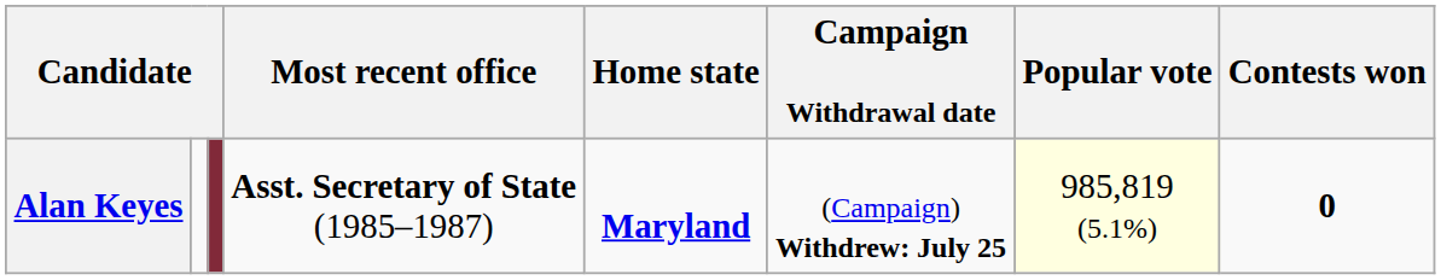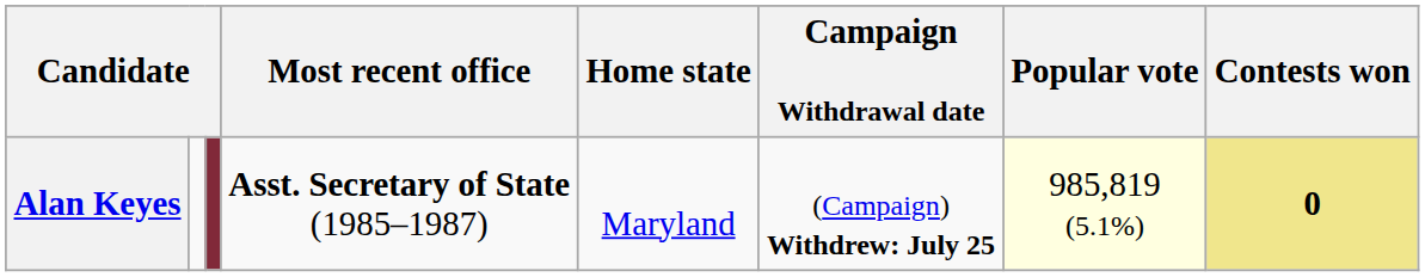 <table class="wikitable sortable" style="text-align:center;">
 <tr>
 <th colspan="3">Candidate</th>
 <th class="unsortable">Most recent office</th>
 <th>Home state</th>
 <th data-sort-type="date">Campaign<br><br><small>Withdrawal date</small></th>
 <th>Popular vote</th>
 <th>Contests won</th>
 </tr>
 <tr>
 <th scope="row" data-sort-value="Keyes"><a href='#'>Alan Keyes</a></th>
 <td></td>
 <td style="background:#812939;"></td>
 <td><strong>Asst. Secretary of State</strong><br>(1985–1987)</td>
-<td><strong><br><a href='#'>Maryland</a></strong></td>
+<td><br><a href='#'>Maryland</a></td>
 <td data-sort-value="05-03-2016"><br><small>(<a href='#'>Campaign</a>)</small><br><small><strong>Withdrew: July 25</strong></small></td>
 <td data-sort-value="985,819" style="background: lightyellow;">985,819<br><small>(5.1%)</small></td>
-<td data-sort-value="0"><strong>0</strong></td>
+<td data-sort-value="0" style="background: khaki;"><strong>0</strong></td>
 </tr>
 </table>
